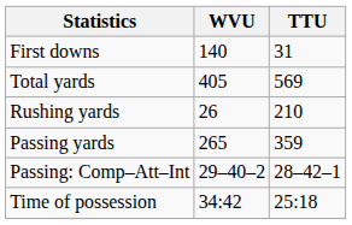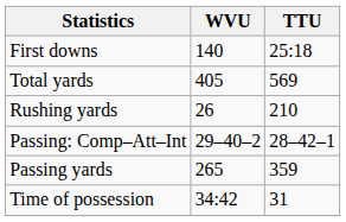 <table class="wikitable" style="float: left;">
 <tr>
 <th>Statistics</th>
 <th>WVU</th>
 <th>TTU</th>
 </tr>
 <tr>
 <td>First downs</td>
 <td>140</td>
-<td>31</td>
+<td>25:18</td>
 </tr>
 <tr>
 <td>Total yards</td>
 <td>405</td>
 <td>569</td>
 </tr>
 <tr>
 <td>Rushing yards</td>
 <td>26</td>
 <td>210</td>
 </tr>
 <tr>
+<td>Passing: Comp–Att–Int</td>
+<td>29–40–2</td>
+<td>28–42–1</td>
+</tr>
+<tr>
 <td>Passing yards</td>
 <td>265</td>
 <td>359</td>
 </tr>
 <tr>
-<td>Passing: Comp–Att–Int</td>
-<td>29–40–2</td>
-<td>28–42–1</td>
-</tr>
-<tr>
 <td>Time of possession</td>
 <td>34:42</td>
-<td>25:18</td>
+<td>31</td>
 </tr>
 <tr>
 </tr>
 </table>
